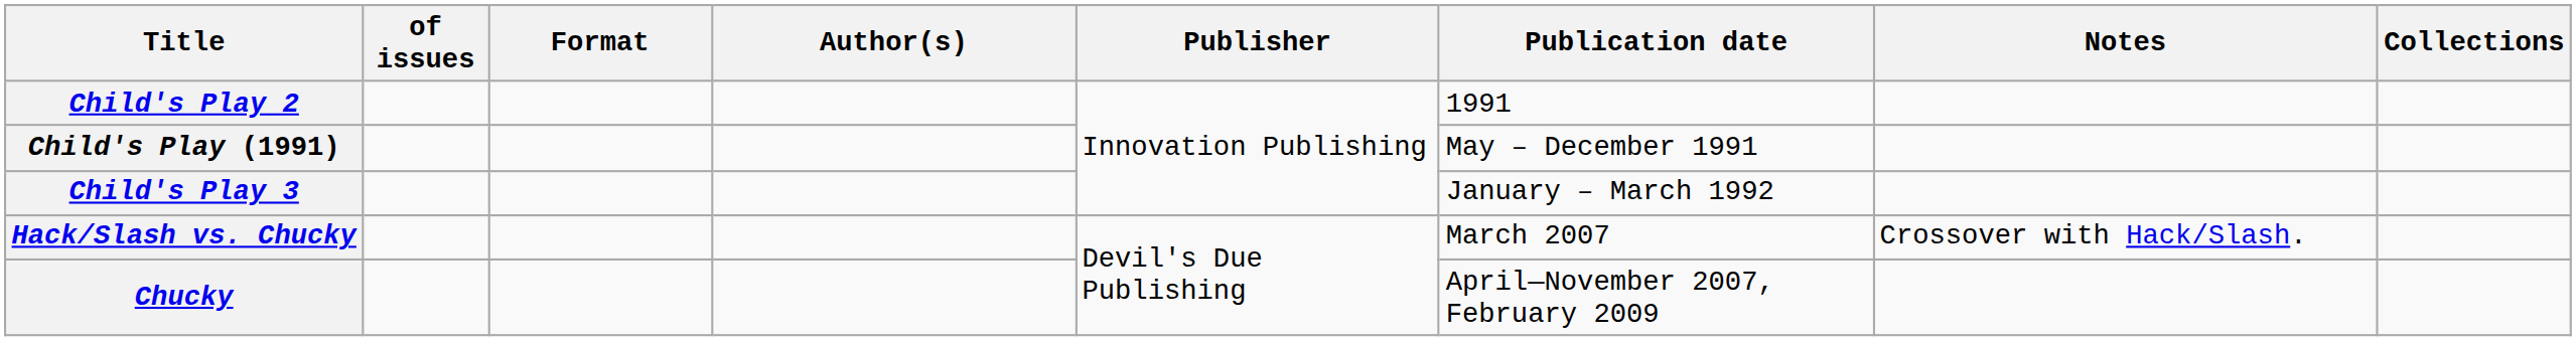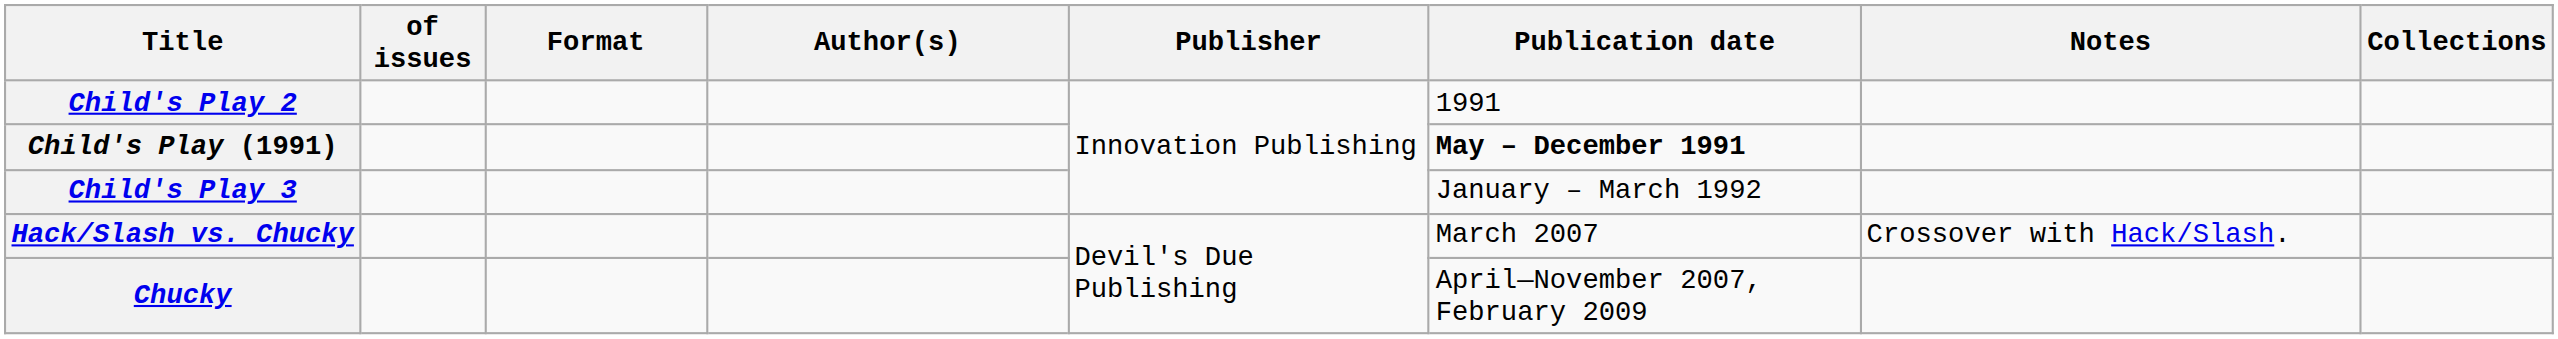 <table class="wikitable">
 <tr>
 <th>Title</th>
 <th style="width:40pt"> of issues</th>
 <th style="width:75pt">Format</th>
 <th style="width:125pt">Author(s)</th>
 <th style="width:125pt">Publisher</th>
 <th style="width:150pt">Publication date</th>
 <th style="width:175pt">Notes</th>
 <th>Collections</th>
 </tr>
 <tr>
 <th><em><a href='#'>Child's Play 2</a></em></th>
 <td></td>
 <td></td>
 <td></td>
 <td rowspan="3">Innovation Publishing</td>
 <td>1991</td>
 <td></td>
 <td></td>
 </tr>
 <tr>
 <th><em>Child's Play</em> (1991)</th>
 <td></td>
 <td></td>
 <td></td>
-<td>May – December 1991</td>
+<td><strong>May – December 1991</strong></td>
 <td></td>
 <td></td>
 </tr>
 <tr>
 <th><em><a href='#'>Child's Play 3</a></em></th>
 <td></td>
 <td></td>
 <td></td>
 <td>January – March 1992</td>
 <td></td>
 <td></td>
 </tr>
 <tr>
 <th><em><a href='#'>Hack/Slash vs. Chucky</a></em></th>
 <td></td>
 <td></td>
 <td></td>
 <td rowspan="2">Devil's Due Publishing</td>
 <td>March 2007</td>
 <td>Crossover with <a href='#'>Hack/Slash</a>.</td>
 <td></td>
 </tr>
 <tr>
 <th><em><a href='#'>Chucky</a></em></th>
 <td></td>
 <td></td>
 <td></td>
 <td>April—November 2007, February 2009</td>
 <td></td>
 <td></td>
 </tr>
 </table>
